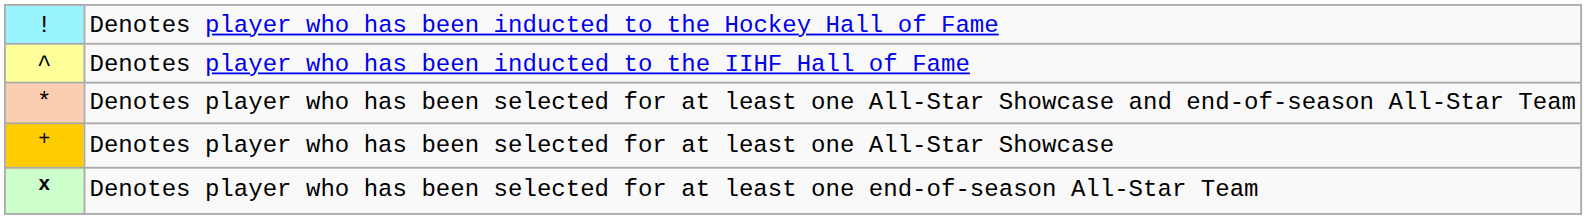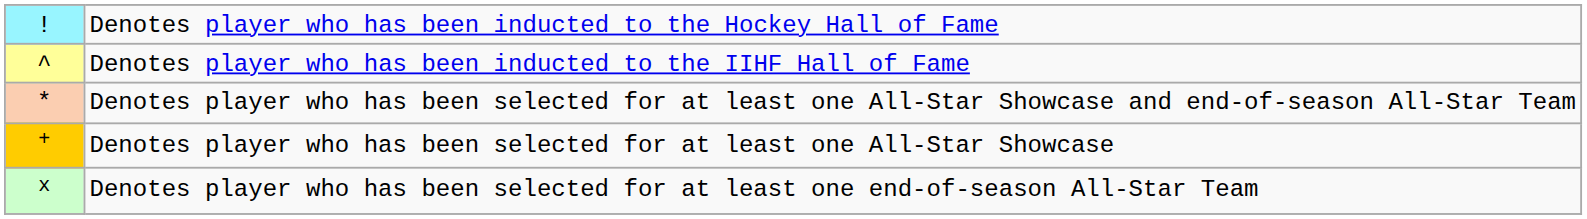 <table class="wikitable">
 <tr>
 <td bgcolor=#98f5ff width="5%" align=center>!</td>
 <td>Denotes <a href='#'>player who has been inducted to the Hockey Hall of Fame</a></td>
 </tr>
 <tr>
 <td bgcolor=#FFFF99 width="5%" align=center>^</td>
 <td>Denotes <a href='#'>player who has been inducted to the IIHF Hall of Fame</a></td>
 </tr>
 <tr>
 <td bgcolor=#FBCEB1 width="5%" align=center>*</td>
 <td>Denotes player who has been selected for at least one All-Star Showcase and end-of-season All-Star Team</td>
 </tr>
 <tr>
 <td bgcolor=#FFCC00 width="5%" align=center><sup>+</sup></td>
 <td>Denotes player who has been selected for at least one All-Star Showcase</td>
 </tr>
 <tr>
-<td bgcolor=#CCFFCC width="5%" align=center><strong><sup>x</sup></strong></td>
+<td bgcolor=#CCFFCC width="5%" align=center><sup>x</sup></td>
 <td>Denotes player who has been selected for at least one end-of-season All-Star Team</td>
 </tr>
 </table>
